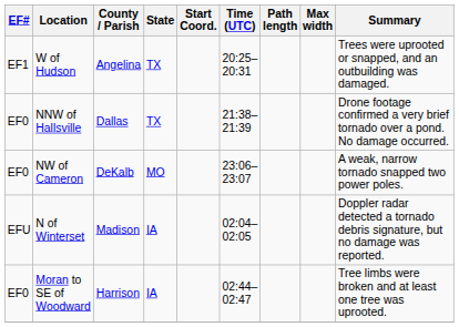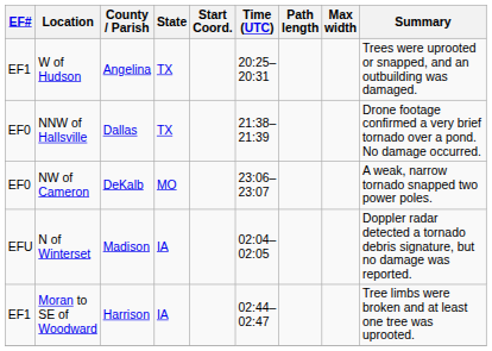 <table class="wikitable sortable" style="width:100%;">
 <tr>
 <th scope="col"  style="width:3%; text-align:center;"><a href='#'>EF#</a></th>
 <th scope="col"  style="width:7%; text-align:center;" class="unsortable">Location</th>
 <th scope="col"  style="width:6%; text-align:center;" class="unsortable">County / Parish</th>
 <th scope="col"  style="width:5%; text-align:center;">State</th>
 <th scope="col"  style="width:6%; text-align:center;">Start Coord.</th>
 <th scope="col"  style="width:6%; text-align:center;">Time (<a href='#'>UTC</a>)</th>
 <th scope="col"  style="width:6%; text-align:center;">Path length</th>
 <th scope="col"  style="width:6%; text-align:center;">Max width</th>
 <th scope="col" class="unsortable" style="width:48%; text-align:center;">Summary</th>
 </tr>
 <tr>
 <td>EF1</td>
 <td>W of <a href='#'>Hudson</a></td>
 <td><a href='#'>Angelina</a></td>
 <td><a href='#'>TX</a></td>
 <td></td>
 <td>20:25–20:31</td>
 <td></td>
 <td></td>
 <td>Trees were uprooted or snapped, and an outbuilding was damaged.</td>
 </tr>
 <tr>
 <td>EF0</td>
 <td>NNW of <a href='#'>Hallsville</a></td>
 <td><a href='#'>Dallas</a></td>
 <td><a href='#'>TX</a></td>
 <td></td>
 <td>21:38–21:39</td>
 <td></td>
 <td></td>
 <td>Drone footage confirmed a very brief tornado over a pond. No damage occurred.</td>
 </tr>
 <tr>
 <td>EF0</td>
 <td>NW of <a href='#'>Cameron</a></td>
 <td><a href='#'>DeKalb</a></td>
 <td><a href='#'>MO</a></td>
 <td></td>
 <td>23:06–23:07</td>
 <td></td>
 <td></td>
 <td>A weak, narrow tornado snapped two power poles.</td>
 </tr>
 <tr>
 <td>EFU</td>
 <td>N of <a href='#'>Winterset</a></td>
 <td><a href='#'>Madison</a></td>
 <td><a href='#'>IA</a></td>
 <td></td>
 <td>02:04–02:05</td>
 <td></td>
 <td></td>
 <td>Doppler radar detected a tornado debris signature, but no damage was reported.</td>
 </tr>
 <tr>
-<td>EF0</td>
+<td>EF1</td>
 <td><a href='#'>Moran</a> to SE of <a href='#'>Woodward</a></td>
 <td><a href='#'>Harrison</a></td>
 <td><a href='#'>IA</a></td>
 <td></td>
 <td>02:44–02:47</td>
 <td></td>
 <td></td>
 <td>Tree limbs were broken and at least one tree was uprooted.</td>
 </tr>
 <tr>
 </tr>
 </table>
